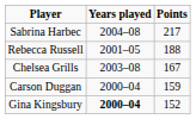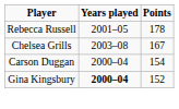 <table class="wikitable" style="text-align:center;">
 <tr align="center">
 <td><strong>Player</strong></td>
 <td><strong>Years played</strong></td>
 <td><strong>Points</strong></td>
 </tr>
 <tr style="text-align:center;" bgcolor="">
-<td>Sabrina Harbec</td>
-<td>2004–08</td>
-<td>217</td>
-</tr>
-<tr style="text-align:center;" bgcolor="">
 <td>Rebecca Russell</td>
 <td>2001–05</td>
-<td>188</td>
+<td>178</td>
 </tr>
 <tr style="text-align:center;" bgcolor="">
 <td>Chelsea Grills</td>
 <td>2003–08</td>
 <td>167</td>
 </tr>
 <tr style="text-align:center;" bgcolor="">
 <td>Carson Duggan</td>
 <td>2000–04</td>
-<td>159</td>
+<td>154</td>
 </tr>
 <tr style="text-align:center;" bgcolor="">
 <td>Gina Kingsbury</td>
 <td><strong>2000–04</strong></td>
 <td>152</td>
 </tr>
 </table>
